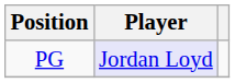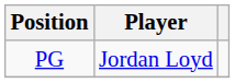 <table class="wikitable" style="text-align: center;">
 <tr>
 <th>Position</th>
 <th>Player</th>
 <th></th>
 </tr>
 <tr>
 <td><a href='#'>PG</a></td>
-<td style="background: lavender; text-align:left"> <a href='#'>Jordan Loyd</a></td>
+<td style="text-align:left"> <a href='#'>Jordan Loyd</a></td>
 <td></td>
 </tr>
 <tr>
 </tr>
 </table>
